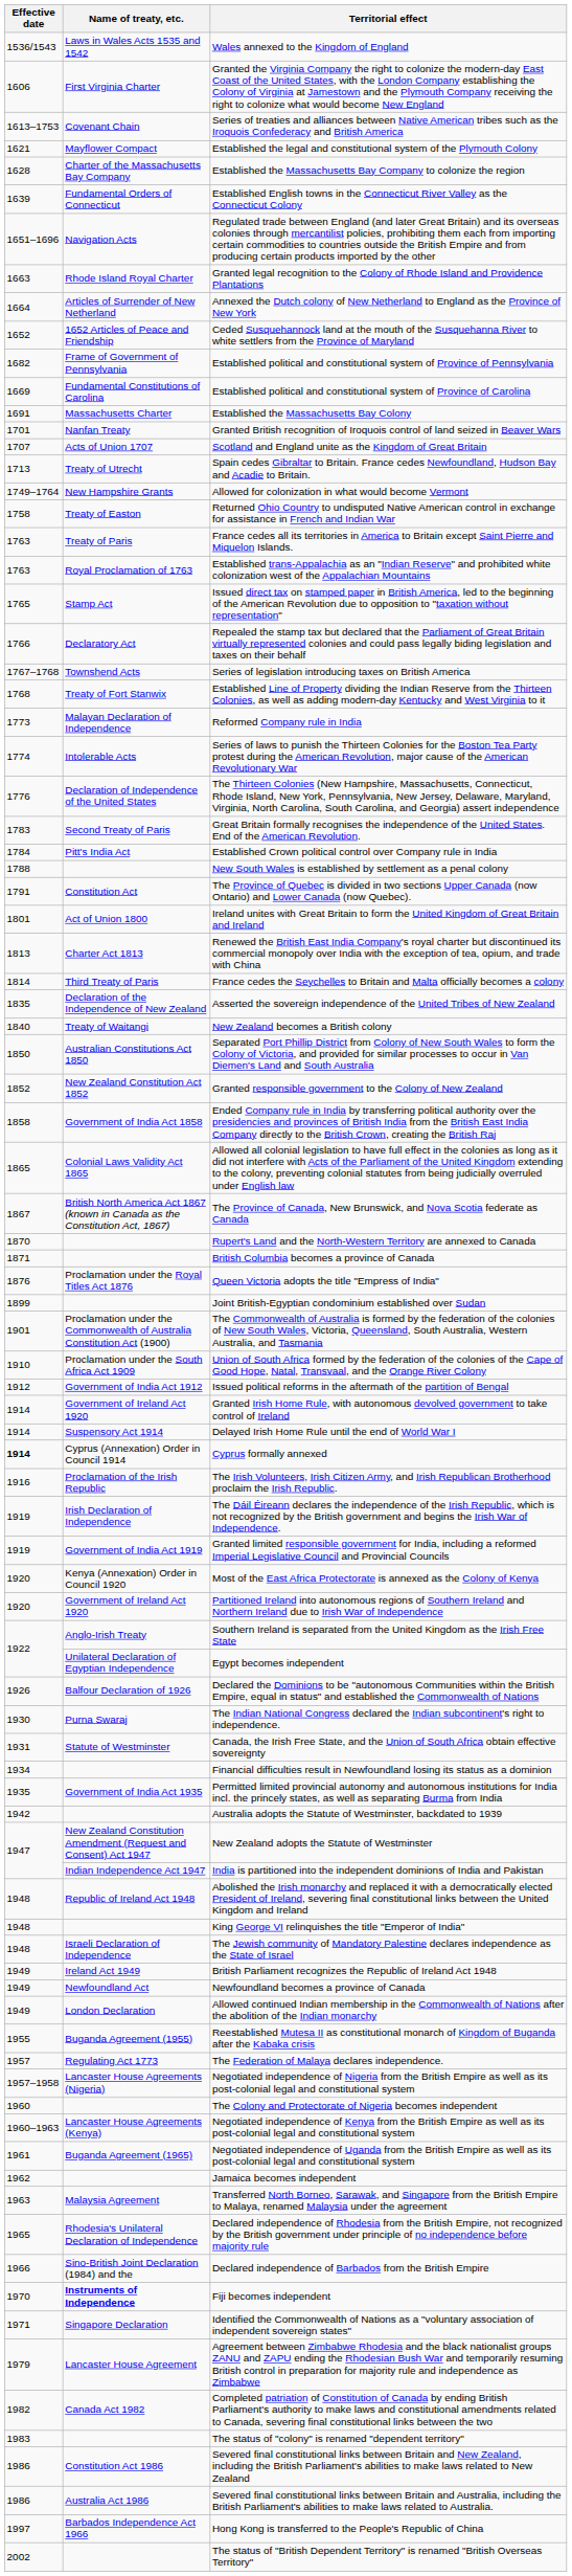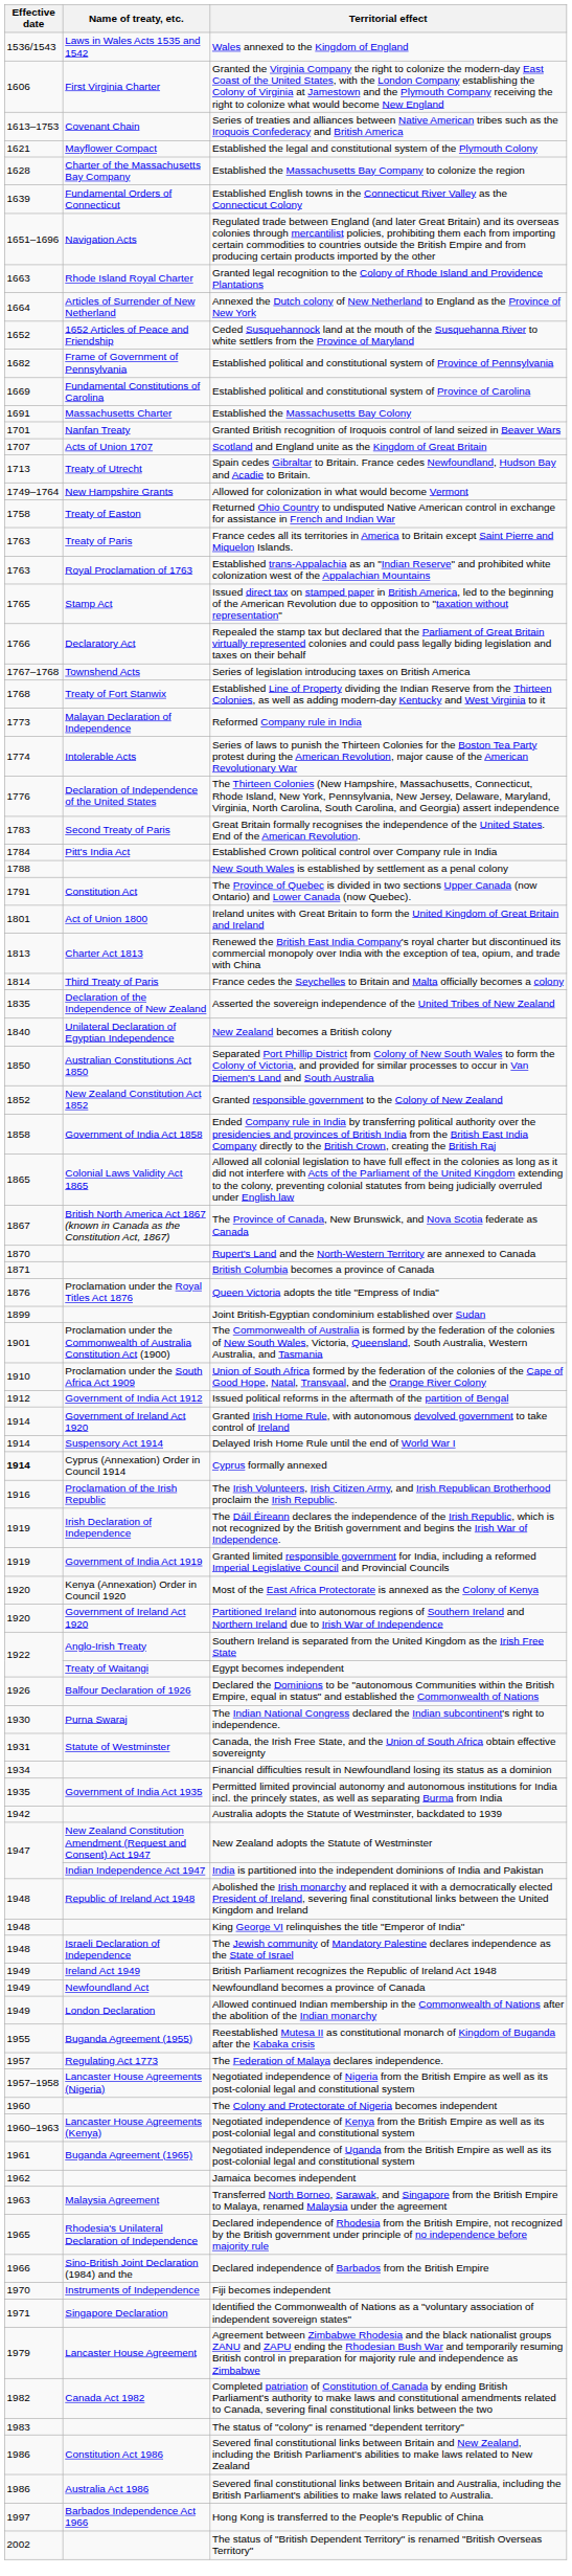 <table class="wikitable">
 <tr>
 <th>Effective date</th>
 <th>Name of treaty, etc.</th>
 <th>Territorial effect</th>
 </tr>
 <tr>
 <td>1536/1543</td>
 <td><a href='#'>Laws in Wales Acts 1535 and 1542</a></td>
 <td><a href='#'>Wales</a> annexed to the <a href='#'>Kingdom of England</a></td>
 </tr>
 <tr>
 <td>1606</td>
 <td><a href='#'>First Virginia Charter</a></td>
 <td>Granted the <a href='#'>Virginia Company</a> the right to colonize the modern-day <a href='#'>East Coast of the United States</a>, with the <a href='#'>London Company</a> establishing the <a href='#'>Colony of Virginia</a> at <a href='#'>Jamestown</a> and the <a href='#'>Plymouth Company</a> receiving the right to colonize what would become <a href='#'>New England</a></td>
 </tr>
 <tr>
 <td>1613–1753</td>
 <td><a href='#'>Covenant Chain</a></td>
 <td>Series of treaties and alliances between <a href='#'>Native American</a> tribes such as the <a href='#'>Iroquois Confederacy</a> and <a href='#'>British America</a></td>
 </tr>
 <tr>
 <td>1621</td>
 <td><a href='#'>Mayflower Compact</a></td>
 <td>Established the legal and constitutional system of the <a href='#'>Plymouth Colony</a></td>
 </tr>
 <tr>
 <td>1628</td>
 <td><a href='#'>Charter of the Massachusetts Bay Company</a></td>
 <td>Established the <a href='#'>Massachusetts Bay Company</a> to colonize the region</td>
 </tr>
 <tr>
 <td>1639</td>
 <td><a href='#'>Fundamental Orders of Connecticut</a></td>
 <td>Established English towns in the <a href='#'>Connecticut River Valley</a> as the <a href='#'>Connecticut Colony</a></td>
 </tr>
 <tr>
 <td>1651–1696</td>
 <td><a href='#'>Navigation Acts</a></td>
 <td>Regulated trade between England (and later Great Britain) and its overseas colonies through <a href='#'>mercantilist</a> policies, prohibiting them each from importing certain commodities to countries outside the British Empire and from producing certain products imported by the other</td>
 </tr>
 <tr>
 <td>1663</td>
 <td><a href='#'>Rhode Island Royal Charter</a></td>
 <td>Granted legal recognition to the <a href='#'>Colony of Rhode Island and Providence Plantations</a></td>
 </tr>
 <tr>
 <td>1664</td>
 <td><a href='#'>Articles of Surrender of New Netherland</a></td>
 <td>Annexed the <a href='#'>Dutch colony</a> of <a href='#'>New Netherland</a> to England as the <a href='#'>Province of New York</a></td>
 </tr>
 <tr>
 <td>1652</td>
 <td><a href='#'>1652 Articles of Peace and Friendship</a></td>
 <td>Ceded <a href='#'>Susquehannock</a> land at the mouth of the <a href='#'>Susquehanna River</a> to white settlers from the <a href='#'>Province of Maryland</a></td>
 </tr>
 <tr>
 <td>1682</td>
 <td><a href='#'>Frame of Government of Pennsylvania</a></td>
 <td>Established political and constitutional system of <a href='#'>Province of Pennsylvania</a></td>
 </tr>
 <tr>
 <td>1669</td>
 <td><a href='#'>Fundamental Constitutions of Carolina</a></td>
 <td>Established political and constitutional system of <a href='#'>Province of Carolina</a></td>
 </tr>
 <tr>
 <td>1691</td>
 <td><a href='#'>Massachusetts Charter</a></td>
 <td>Established the <a href='#'>Massachusetts Bay Colony</a></td>
 </tr>
 <tr>
 <td>1701</td>
 <td><a href='#'>Nanfan Treaty</a></td>
 <td>Granted British recognition of Iroquois control of land seized in <a href='#'>Beaver Wars</a></td>
 </tr>
 <tr>
 <td>1707</td>
 <td><a href='#'>Acts of Union 1707</a></td>
 <td><a href='#'>Scotland</a> and England unite as the <a href='#'>Kingdom of Great Britain</a></td>
 </tr>
 <tr>
 <td>1713</td>
 <td><a href='#'>Treaty of Utrecht</a></td>
 <td>Spain cedes <a href='#'>Gibraltar</a> to Britain. France cedes <a href='#'>Newfoundland</a>, <a href='#'>Hudson Bay</a> and <a href='#'>Acadie</a> to Britain.</td>
 </tr>
 <tr>
 <td>1749–1764</td>
 <td><a href='#'>New Hampshire Grants</a></td>
 <td>Allowed for colonization in what would become <a href='#'>Vermont</a></td>
 </tr>
 <tr>
 <td>1758</td>
 <td><a href='#'>Treaty of Easton</a></td>
 <td>Returned <a href='#'>Ohio Country</a> to undisputed Native American control in exchange for assistance in <a href='#'>French and Indian War</a></td>
 </tr>
 <tr>
 <td>1763</td>
 <td><a href='#'>Treaty of Paris</a></td>
 <td>France cedes all its territories in <a href='#'>America</a> to Britain except <a href='#'>Saint Pierre and Miquelon</a> Islands.</td>
 </tr>
 <tr>
 <td>1763</td>
 <td><a href='#'>Royal Proclamation of 1763</a></td>
 <td>Established <a href='#'>trans-Appalachia</a> as an "<a href='#'>Indian Reserve</a>" and prohibited white colonization west of the <a href='#'>Appalachian Mountains</a></td>
 </tr>
 <tr>
 <td>1765</td>
 <td><a href='#'>Stamp Act</a></td>
 <td>Issued <a href='#'>direct tax</a> on <a href='#'>stamped paper</a> in <a href='#'>British America</a>, led to the beginning of the American Revolution due to opposition to "<a href='#'>taxation without representation</a>"</td>
 </tr>
 <tr>
 <td>1766</td>
 <td><a href='#'>Declaratory Act</a></td>
 <td>Repealed the stamp tax but declared that the <a href='#'>Parliament of Great Britain</a> <a href='#'>virtually represented</a> colonies and could pass legally biding legislation and taxes on their behalf</td>
 </tr>
 <tr>
 <td>1767–1768</td>
 <td><a href='#'>Townshend Acts</a></td>
 <td>Series of legislation introducing taxes on British America</td>
 </tr>
 <tr>
 <td>1768</td>
 <td><a href='#'>Treaty of Fort Stanwix</a></td>
 <td>Established <a href='#'>Line of Property</a> dividing the Indian Reserve from the <a href='#'>Thirteen Colonies</a>, as well as adding modern-day <a href='#'>Kentucky</a> and <a href='#'>West Virginia</a> to it</td>
 </tr>
 <tr>
 <td>1773</td>
 <td><a href='#'>Malayan Declaration of Independence</a></td>
 <td>Reformed <a href='#'>Company rule in India</a></td>
 </tr>
 <tr>
 <td>1774</td>
 <td><a href='#'>Intolerable Acts</a></td>
 <td>Series of laws to punish the Thirteen Colonies for the <a href='#'>Boston Tea Party</a> protest during the <a href='#'>American Revolution</a>, major cause of the <a href='#'>American Revolutionary War</a></td>
 </tr>
 <tr>
 <td>1776</td>
 <td><a href='#'>Declaration of Independence of the United States</a></td>
 <td>The <a href='#'>Thirteen Colonies</a> (New Hampshire, Massachusetts, Connecticut, Rhode Island, New York, Pennsylvania, New Jersey, Delaware, Maryland, Virginia, North Carolina, South Carolina, and Georgia) assert independence</td>
 </tr>
 <tr>
 <td>1783</td>
 <td><a href='#'>Second Treaty of Paris</a></td>
 <td>Great Britain formally recognises the independence of the <a href='#'>United States</a>. End of the <a href='#'>American Revolution</a>.</td>
 </tr>
 <tr>
 <td>1784</td>
 <td><a href='#'>Pitt's India Act</a></td>
 <td>Established Crown political control over Company rule in India</td>
 </tr>
 <tr>
 <td>1788</td>
 <td></td>
 <td><a href='#'>New South Wales</a> is established by settlement as a penal colony</td>
 </tr>
 <tr>
 <td>1791</td>
 <td><a href='#'>Constitution Act</a></td>
 <td>The <a href='#'>Province of Quebec</a> is divided in two sections <a href='#'>Upper Canada</a> (now Ontario) and <a href='#'>Lower Canada</a> (now Quebec).</td>
 </tr>
 <tr>
 <td>1801</td>
 <td><a href='#'>Act of Union 1800</a></td>
 <td>Ireland unites with Great Britain to form the <a href='#'>United Kingdom of Great Britain and Ireland</a></td>
 </tr>
 <tr>
 <td>1813</td>
 <td><a href='#'>Charter Act 1813</a></td>
 <td>Renewed the <a href='#'>British East India Company</a>'s royal charter but discontinued its commercial monopoly over India with the exception of tea, opium, and trade with China</td>
 </tr>
 <tr>
 <td>1814</td>
 <td><a href='#'>Third Treaty of Paris</a></td>
 <td>France cedes the <a href='#'>Seychelles</a> to Britain and <a href='#'>Malta</a> officially becomes a <a href='#'>colony</a></td>
 </tr>
 <tr>
 <td>1835</td>
 <td><a href='#'>Declaration of the Independence of New Zealand</a></td>
 <td>Asserted the sovereign independence of the <a href='#'>United Tribes of New Zealand</a></td>
 </tr>
 <tr>
 <td>1840</td>
-<td><a href='#'>Treaty of Waitangi</a></td>
+<td><a href='#'>Unilateral Declaration of Egyptian Independence</a></td>
 <td><a href='#'>New Zealand</a> becomes a British colony</td>
 </tr>
 <tr>
 <td>1850</td>
 <td><a href='#'>Australian Constitutions Act 1850</a></td>
 <td>Separated <a href='#'>Port Phillip District</a> from <a href='#'>Colony of New South Wales</a> to form the <a href='#'>Colony of Victoria</a>, and provided for similar processes to occur in <a href='#'>Van Diemen's Land</a> and <a href='#'>South Australia</a></td>
 </tr>
 <tr>
 <td>1852</td>
 <td><a href='#'>New Zealand Constitution Act 1852</a></td>
 <td>Granted <a href='#'>responsible government</a> to the <a href='#'>Colony of New Zealand</a></td>
 </tr>
 <tr>
 <td>1858</td>
 <td><a href='#'>Government of India Act 1858</a></td>
 <td>Ended <a href='#'>Company rule in India</a> by transferring political authority over the <a href='#'>presidencies and provinces of British India</a> from the <a href='#'>British East India Company</a> directly to the <a href='#'>British Crown</a>, creating the <a href='#'>British Raj</a></td>
 </tr>
 <tr>
 <td>1865</td>
 <td><a href='#'>Colonial Laws Validity Act 1865</a></td>
 <td>Allowed all colonial legislation to have full effect in the colonies as long as it did not interfere with <a href='#'>Acts of the Parliament of the United Kingdom</a> extending to the colony, preventing colonial statutes from being judicially overruled under <a href='#'>English law</a></td>
 </tr>
 <tr>
 <td>1867</td>
 <td><a href='#'>British North America Act 1867</a> <em>(known in Canada as the Constitution Act, 1867)</em></td>
 <td>The <a href='#'>Province of Canada</a>, New Brunswick, and <a href='#'>Nova Scotia</a> federate as <a href='#'>Canada</a></td>
 </tr>
 <tr>
 <td>1870</td>
 <td></td>
 <td><a href='#'>Rupert's Land</a> and the <a href='#'>North-Western Territory</a> are annexed to Canada</td>
 </tr>
 <tr>
 <td>1871</td>
 <td></td>
 <td><a href='#'>British Columbia</a> becomes a province of Canada</td>
 </tr>
 <tr>
 <td>1876</td>
 <td>Proclamation under the <a href='#'>Royal Titles Act 1876</a></td>
 <td><a href='#'>Queen Victoria</a> adopts the title "Empress of India"</td>
 </tr>
 <tr>
 <td>1899</td>
 <td></td>
 <td>Joint British-Egyptian condominium established over <a href='#'>Sudan</a></td>
 </tr>
 <tr>
 <td>1901</td>
 <td>Proclamation under the <a href='#'>Commonwealth of Australia Constitution Act</a> (1900)</td>
 <td>The <a href='#'>Commonwealth of Australia</a> is formed by the federation of the colonies of <a href='#'>New South Wales</a>, Victoria, <a href='#'>Queensland</a>, South Australia, Western Australia, and <a href='#'>Tasmania</a></td>
 </tr>
 <tr>
 <td>1910</td>
 <td>Proclamation under the <a href='#'>South Africa Act 1909</a></td>
 <td><a href='#'>Union of South Africa</a> formed by the federation of the colonies of the <a href='#'>Cape of Good Hope</a>, <a href='#'>Natal</a>, <a href='#'>Transvaal</a>, and the <a href='#'>Orange River Colony</a></td>
 </tr>
 <tr>
 <td>1912</td>
 <td><a href='#'>Government of India Act 1912</a></td>
 <td>Issued political reforms in the aftermath of the <a href='#'>partition of Bengal</a></td>
 </tr>
 <tr>
 <td>1914</td>
 <td><a href='#'>Government of Ireland Act 1920</a></td>
 <td>Granted <a href='#'>Irish Home Rule</a>, with autonomous <a href='#'>devolved government</a> to take control of <a href='#'>Ireland</a></td>
 </tr>
 <tr>
 <td>1914</td>
 <td><a href='#'>Suspensory Act 1914</a></td>
 <td>Delayed Irish Home Rule until the end of <a href='#'>World War I</a></td>
 </tr>
 <tr>
 <td><strong>1914</strong></td>
 <td>Cyprus (Annexation) Order in Council 1914</td>
 <td><a href='#'>Cyprus</a> formally annexed</td>
 </tr>
 <tr>
 <td>1916</td>
 <td><a href='#'>Proclamation of the Irish Republic</a></td>
 <td>The <a href='#'>Irish Volunteers</a>, <a href='#'>Irish Citizen Army</a>, and <a href='#'>Irish Republican Brotherhood</a> proclaim the <a href='#'>Irish Republic</a>.</td>
 </tr>
 <tr>
 <td>1919</td>
 <td><a href='#'>Irish Declaration of Independence</a></td>
 <td>The <a href='#'>Dáil Éireann</a> declares the independence of the <a href='#'>Irish Republic</a>, which is not recognized by the British government and begins the <a href='#'>Irish War of Independence</a>.</td>
 </tr>
 <tr>
 <td>1919</td>
 <td><a href='#'>Government of India Act 1919</a></td>
 <td>Granted limited <a href='#'>responsible government</a> for India, including a reformed <a href='#'>Imperial Legislative Council</a> and Provincial Councils</td>
 </tr>
 <tr>
 <td>1920</td>
 <td>Kenya (Annexation) Order in Council 1920</td>
 <td>Most of the <a href='#'>East Africa Protectorate</a> is annexed as the <a href='#'>Colony of Kenya</a></td>
 </tr>
 <tr>
 <td>1920</td>
 <td><a href='#'>Government of Ireland Act 1920</a></td>
 <td><a href='#'>Partitioned Ireland</a> into autonomous regions of <a href='#'>Southern Ireland</a> and <a href='#'>Northern Ireland</a> due to <a href='#'>Irish War of Independence</a></td>
 </tr>
 <tr>
 <td rowspan="2">1922</td>
 <td><a href='#'>Anglo-Irish Treaty</a></td>
 <td>Southern Ireland is separated from the United Kingdom as the <a href='#'>Irish Free State</a></td>
 </tr>
 <tr>
-<td><a href='#'>Unilateral Declaration of Egyptian Independence</a></td>
+<td><a href='#'>Treaty of Waitangi</a></td>
 <td>Egypt becomes independent</td>
 </tr>
 <tr>
 <td>1926</td>
 <td><a href='#'>Balfour Declaration of 1926</a></td>
 <td>Declared the <a href='#'>Dominions</a> to be "autonomous Communities within the British Empire, equal in status" and established the <a href='#'>Commonwealth of Nations</a></td>
 </tr>
 <tr>
 <td>1930</td>
 <td><a href='#'>Purna Swaraj</a></td>
 <td>The <a href='#'>Indian National Congress</a> declared the <a href='#'>Indian subcontinent</a>'s right to independence.</td>
 </tr>
 <tr>
 <td>1931</td>
 <td><a href='#'>Statute of Westminster</a></td>
 <td>Canada, the Irish Free State, and the <a href='#'>Union of South Africa</a> obtain effective sovereignty</td>
 </tr>
 <tr>
 <td>1934</td>
 <td></td>
 <td>Financial difficulties result in Newfoundland losing its status as a dominion</td>
 </tr>
 <tr>
 <td>1935</td>
 <td><a href='#'>Government of India Act 1935</a></td>
 <td>Permitted limited provincial autonomy and autonomous institutions for India incl. the princely states, as well as separating <a href='#'>Burma</a> from India</td>
 </tr>
 <tr>
 <td>1942</td>
 <td></td>
 <td>Australia adopts the Statute of Westminster, backdated to 1939</td>
 </tr>
 <tr>
 <td rowspan="2">1947</td>
 <td><a href='#'>New Zealand Constitution Amendment (Request and Consent) Act 1947</a></td>
 <td>New Zealand adopts the Statute of Westminster</td>
 </tr>
 <tr>
 <td><a href='#'>Indian Independence Act 1947</a></td>
 <td><a href='#'>India</a> is partitioned into the independent dominions of India and Pakistan</td>
 </tr>
 <tr>
 <td>1948</td>
 <td><a href='#'>Republic of Ireland Act 1948</a></td>
 <td>Abolished the <a href='#'>Irish monarchy</a> and replaced it with a democratically elected <a href='#'>President of Ireland</a>, severing final constitutional links between the United Kingdom and Ireland</td>
 </tr>
 <tr>
 <td>1948</td>
 <td></td>
 <td>King <a href='#'>George VI</a> relinquishes the title "Emperor of India"</td>
 </tr>
 <tr>
 <td>1948</td>
 <td><a href='#'>Israeli Declaration of Independence</a></td>
 <td>The <a href='#'>Jewish community</a> of <a href='#'>Mandatory Palestine</a> declares independence as the <a href='#'>State of Israel</a></td>
 </tr>
 <tr>
 <td>1949</td>
 <td><a href='#'>Ireland Act 1949</a></td>
 <td>British Parliament recognizes the Republic of Ireland Act 1948</td>
 </tr>
 <tr>
 <td>1949</td>
 <td><a href='#'>Newfoundland Act</a></td>
 <td>Newfoundland becomes a province of Canada</td>
 </tr>
 <tr>
 <td>1949</td>
 <td><a href='#'>London Declaration</a></td>
 <td>Allowed continued Indian membership in the <a href='#'>Commonwealth of Nations</a> after the abolition of the <a href='#'>Indian monarchy</a></td>
 </tr>
 <tr>
 <td>1955</td>
 <td><a href='#'>Buganda Agreement (1955)</a></td>
 <td>Reestablished <a href='#'>Mutesa II</a> as constitutional monarch of <a href='#'>Kingdom of Buganda</a> after the <a href='#'>Kabaka crisis</a></td>
 </tr>
 <tr>
 <td>1957</td>
 <td><a href='#'>Regulating Act 1773</a></td>
 <td>The <a href='#'>Federation of Malaya</a> declares independence.</td>
 </tr>
 <tr>
 <td>1957–1958</td>
 <td><a href='#'>Lancaster House Agreements (Nigeria)</a></td>
 <td>Negotiated independence of <a href='#'>Nigeria</a> from the British Empire as well as its post-colonial legal and constitutional system</td>
 </tr>
 <tr>
 <td>1960</td>
 <td></td>
 <td>The <a href='#'>Colony and Protectorate of Nigeria</a> becomes independent</td>
 </tr>
 <tr>
 <td>1960–1963</td>
 <td><a href='#'>Lancaster House Agreements (Kenya)</a></td>
 <td>Negotiated independence of <a href='#'>Kenya</a> from the British Empire as well as its post-colonial legal and constitutional system</td>
 </tr>
 <tr>
 <td>1961</td>
 <td><a href='#'>Buganda Agreement (1965)</a></td>
 <td>Negotiated independence of <a href='#'>Uganda</a> from the British Empire as well as its post-colonial legal and constitutional system</td>
 </tr>
 <tr>
 <td>1962</td>
 <td></td>
 <td>Jamaica becomes independent</td>
 </tr>
 <tr>
 <td>1963</td>
 <td><a href='#'>Malaysia Agreement</a></td>
 <td>Transferred <a href='#'>North Borneo</a>, <a href='#'>Sarawak</a>, and <a href='#'>Singapore</a> from the British Empire to Malaya, renamed <a href='#'>Malaysia</a> under the agreement</td>
 </tr>
 <tr>
 <td>1965</td>
 <td><a href='#'>Rhodesia's Unilateral Declaration of Independence</a></td>
 <td>Declared independence of <a href='#'>Rhodesia</a> from the British Empire, not recognized by the British government under principle of <a href='#'>no independence before majority rule</a></td>
 </tr>
 <tr>
 <td>1966</td>
 <td><a href='#'>Sino-British Joint Declaration</a> (1984) and the </td>
 <td>Declared independence of <a href='#'>Barbados</a> from the British Empire</td>
 </tr>
 <tr>
 <td>1970</td>
-<td><strong><a href='#'>Instruments of Independence</a></strong></td>
+<td><a href='#'>Instruments of Independence</a></td>
 <td>Fiji becomes independent</td>
 </tr>
 <tr>
 <td>1971</td>
 <td><a href='#'>Singapore Declaration</a></td>
 <td>Identified the Commonwealth of Nations as a "voluntary association of independent sovereign states"</td>
 </tr>
 <tr>
 <td>1979</td>
 <td><a href='#'>Lancaster House Agreement</a></td>
 <td>Agreement between <a href='#'>Zimbabwe Rhodesia</a> and the black nationalist groups <a href='#'>ZANU</a> and <a href='#'>ZAPU</a> ending the <a href='#'>Rhodesian Bush War</a> and temporarily resuming British control in preparation for majority rule and independence as <a href='#'>Zimbabwe</a></td>
 </tr>
 <tr>
 <td>1982</td>
 <td><a href='#'>Canada Act 1982</a></td>
 <td>Completed <a href='#'>patriation</a> of <a href='#'>Constitution of Canada</a> by ending British Parliament's authority to make laws and constitutional amendments related to Canada, severing final constitutional links between the two</td>
 </tr>
 <tr>
 <td>1983</td>
 <td></td>
 <td>The status of "colony" is renamed "dependent territory"</td>
 </tr>
 <tr>
 <td>1986</td>
 <td><a href='#'>Constitution Act 1986</a></td>
 <td>Severed final constitutional links between Britain and <a href='#'>New Zealand</a>, including the British Parliament's abilities to make laws related to New Zealand</td>
 </tr>
 <tr>
 <td>1986</td>
 <td><a href='#'>Australia Act 1986</a></td>
 <td>Severed final constitutional links between Britain and Australia, including the British Parliament's abilities to make laws related to Australia.</td>
 </tr>
 <tr>
 <td>1997</td>
 <td><a href='#'>Barbados Independence Act 1966</a></td>
 <td>Hong Kong is transferred to the People's Republic of China</td>
 </tr>
 <tr>
 <td>2002</td>
 <td></td>
 <td>The status of "British Dependent Territory" is renamed "British Overseas Territory"</td>
 </tr>
 </table>
